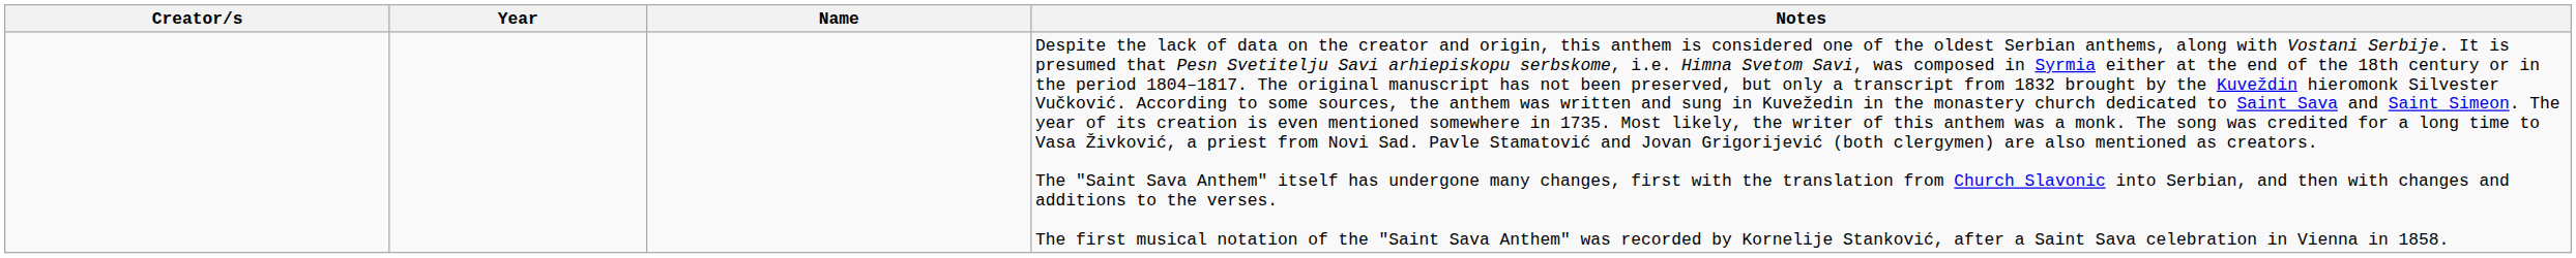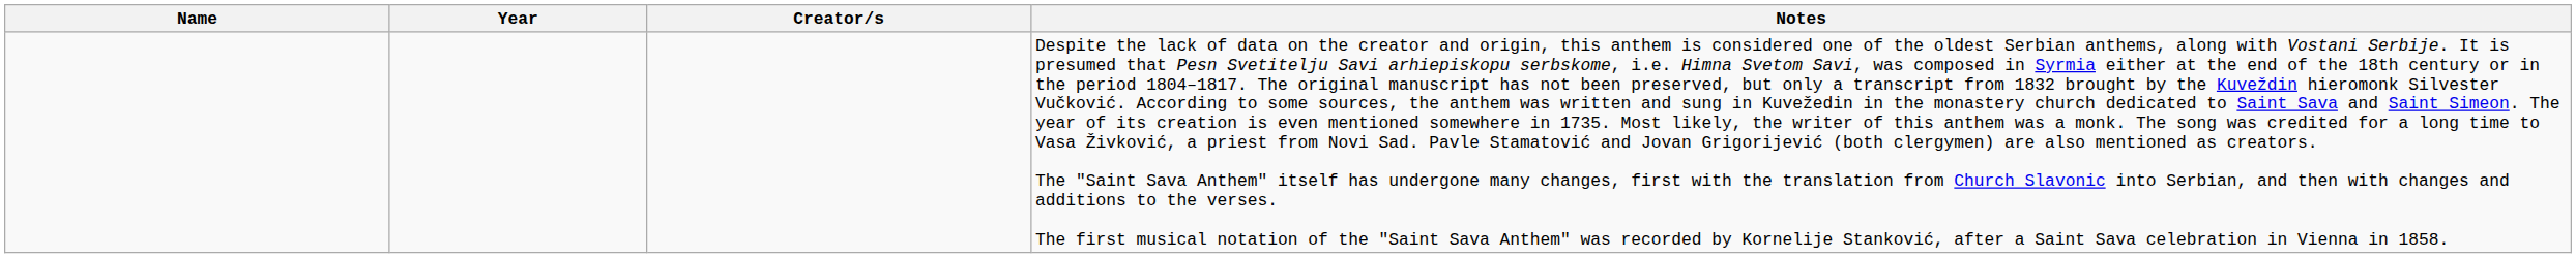 <table class="wikitable" style="margin:1em auto;">
 <tr>
+<th width="15%">Name</th>
+<th width="10%">Year</th>
 <th width="15%">Creator/s</th>
-<th width="10%">Year</th>
-<th width="15%">Name</th>
 <th>Notes</th>
 </tr>
 <tr>
 <td></td>
 <td></td>
 <td></td>
 <td>Despite the lack of data on the creator and origin, this anthem is considered one of the oldest Serbian anthems, along with <em>Vostani Serbije</em>. It is presumed that <em>Pesn Svetitelju Savi arhiepiskopu serbskome</em>, i.e. <em>Himna Svetom Savi</em>, was composed in <a href='#'>Syrmia</a> either at the end of the 18th century or in the period 1804–1817. The original manuscript has not been preserved, but only a transcript from 1832 brought by the <a href='#'>Kuveždin</a> hieromonk Silvester Vučković. According to some sources, the anthem was written and sung in Kuvežedin in the monastery church dedicated to <a href='#'>Saint Sava</a> and <a href='#'>Saint Simeon</a>. The year of its creation is even mentioned somewhere in 1735. Most likely, the writer of this anthem was a monk. The song was credited for a long time to Vasa Živković, a priest from Novi Sad. Pavle Stamatović and Jovan Grigorijević (both clergymen) are also mentioned as creators.<br><br> The "Saint Sava Anthem" itself has undergone many changes, first with the translation from <a href='#'>Church Slavonic</a> into Serbian, and then with changes and additions to the verses. <br><br>The first musical notation of the "Saint Sava Anthem" was recorded by Kornelije Stanković, after a Saint Sava celebration in Vienna in 1858.</td>
 </tr>
 </table>
